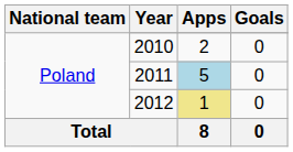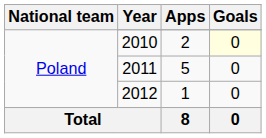 <table class="wikitable" style="text-align:center">
 <tr>
 <th>National team</th>
 <th>Year</th>
 <th>Apps</th>
 <th>Goals</th>
 </tr>
 <tr>
 <td rowspan=4><a href='#'>Poland</a></td>
 </tr>
 <tr>
 <td>2010</td>
 <td>2</td>
-<td>0</td>
+<td style="background: lightyellow;">0</td>
 </tr>
 <tr>
 <td>2011</td>
-<td style="background: lightblue;">5</td>
+<td>5</td>
 <td>0</td>
 </tr>
 <tr>
 <td>2012</td>
-<td style="background: khaki;">1</td>
+<td>1</td>
 <td>0</td>
 </tr>
 <tr>
 <th colspan="2">Total</th>
 <th>8</th>
 <th>0</th>
 </tr>
 </table>
